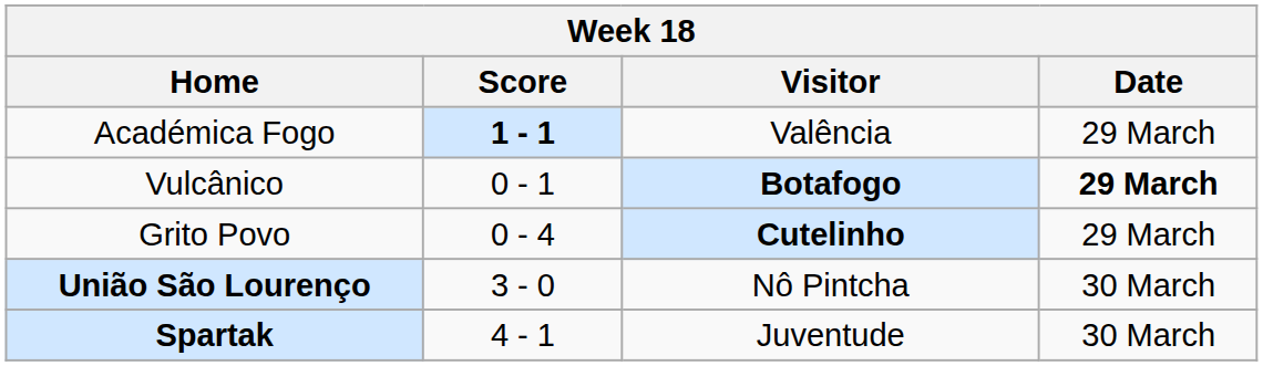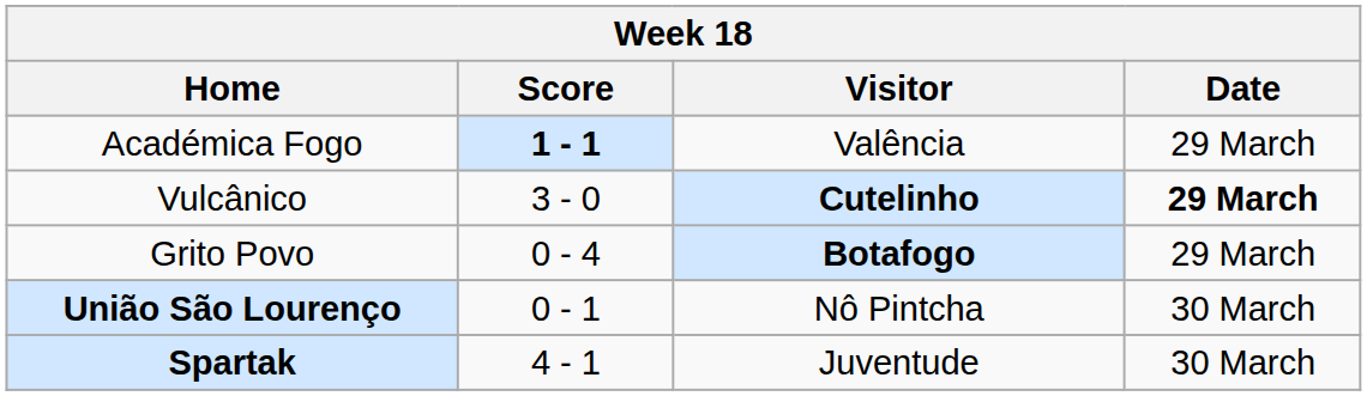 <table class="wikitable" style="margin:1em auto; font-size:95%; text-align: center; width: 95%;">
 <tr>
 <th colspan="12"  style="with:100%; text-align:center;">Week 18</th>
 </tr>
 <tr>
 <th style="width:200px;">Home</th>
 <th width="90">Score</th>
 <th style="width:200px;">Visitor</th>
 <th style="width:100px;">Date</th>
 </tr>
 <tr align=center>
 <td>Académica Fogo</td>
 <td style="background:#d0e7ff;"><strong>1 - 1</strong></td>
 <td>Valência</td>
 <td>29 March</td>
 </tr>
 <tr align=center>
 <td>Vulcânico</td>
-<td>0 - 1</td>
-<td style="background:#d0e7ff;"><strong>Botafogo</strong></td>
+<td>3 - 0</td>
+<td style="background:#d0e7ff;"><strong>Cutelinho</strong></td>
 <td><strong>29 March</strong></td>
 </tr>
 <tr align=center>
 <td>Grito Povo</td>
 <td>0 - 4</td>
-<td style="background:#d0e7ff;"><strong>Cutelinho</strong></td>
+<td style="background:#d0e7ff;"><strong>Botafogo</strong></td>
 <td>29 March</td>
 </tr>
 <tr align=center>
 <td style="background:#d0e7ff;"><strong>União São Lourenço</strong></td>
-<td>3 - 0</td>
+<td>0 - 1</td>
 <td>Nô Pintcha</td>
 <td>30 March</td>
 </tr>
 <tr align=center>
 <td style="background:#d0e7ff;"><strong>Spartak</strong></td>
 <td>4 - 1</td>
 <td>Juventude</td>
 <td>30 March</td>
 </tr>
 </table>
